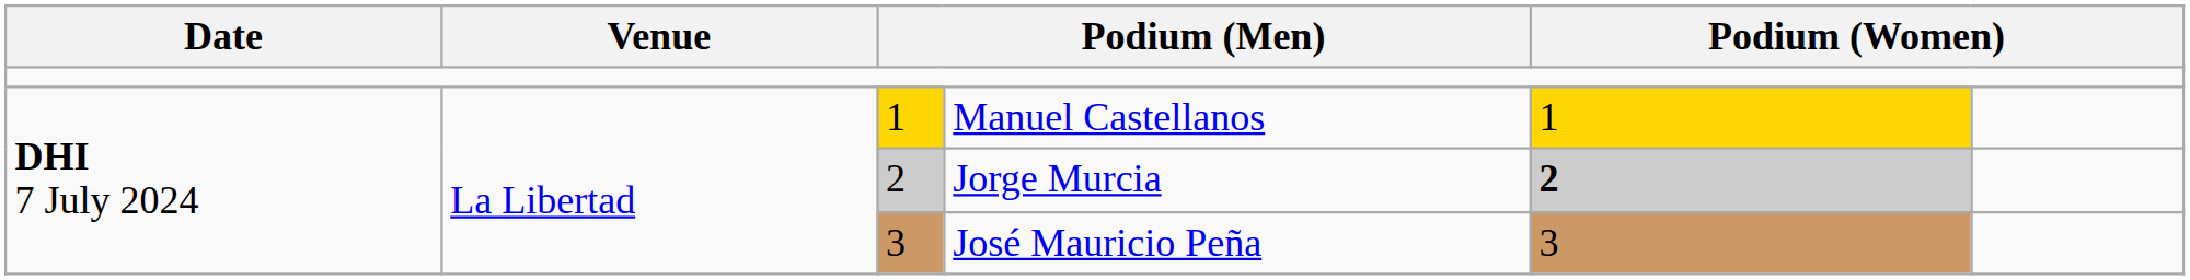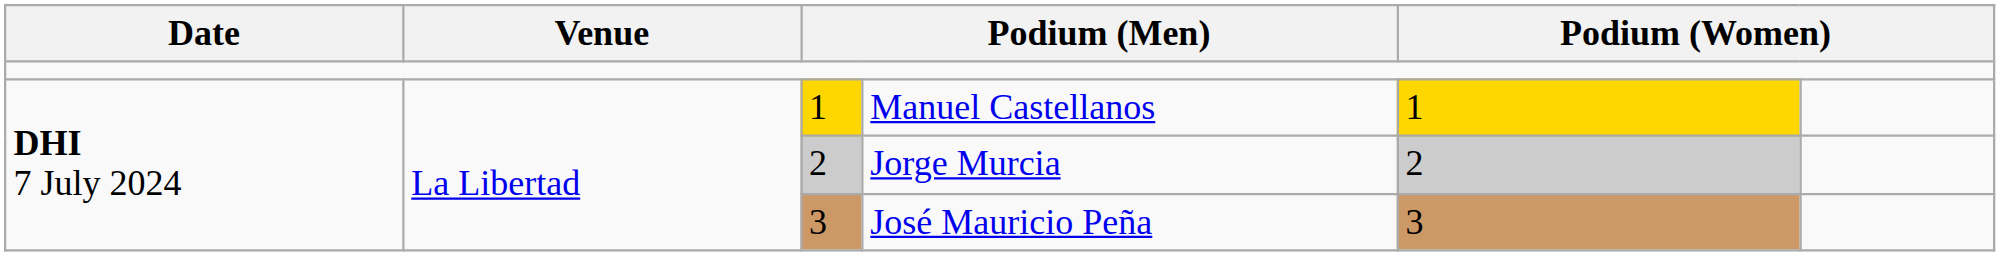 <table class="wikitable" width=70%>
 <tr>
 <th>Date</th>
 <th width=20%>Venue</th>
 <th colspan=2 width=30%>Podium (Men)</th>
 <th colspan=2 width=30%>Podium (Women)</th>
 </tr>
 <tr>
 <td colspan=6></td>
 </tr>
 <tr>
 <td rowspan=3><strong>DHI</strong> <br> 7 July 2024</td>
 <td rowspan=3><br><a href='#'>La Libertad</a></td>
 <td bgcolor=FFD700>1</td>
 <td><a href='#'>Manuel Castellanos</a></td>
 <td bgcolor=FFD700>1</td>
 <td></td>
 </tr>
 <tr>
 <td bgcolor=CCCCCC>2</td>
 <td><a href='#'>Jorge Murcia</a></td>
-<td bgcolor=CCCCCC><strong>2</strong></td>
+<td bgcolor=CCCCCC>2</td>
 <td></td>
 </tr>
 <tr>
 <td bgcolor=CC9966>3</td>
 <td><a href='#'>José Mauricio Peña</a></td>
 <td bgcolor=CC9966>3</td>
 <td></td>
 </tr>
 </table>
